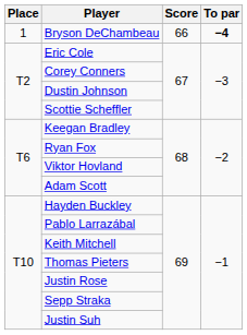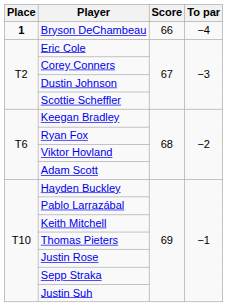 <table class="wikitable">
 <tr>
 <th>Place</th>
 <th>Player</th>
 <th>Score</th>
 <th>To par</th>
 </tr>
 <tr>
-<td align=center>1</td>
+<td align=center><strong>1</strong></td>
 <td> <a href='#'>Bryson DeChambeau</a></td>
 <td align=center>66</td>
-<td align=center><strong>−4</strong></td>
+<td align=center>−4</td>
 </tr>
 <tr>
 <td rowspan=4 align=center>T2</td>
 <td> <a href='#'>Eric Cole</a></td>
 <td rowspan=4 align=center>67</td>
 <td rowspan=4 align=center>−3</td>
 </tr>
 <tr>
 <td> <a href='#'>Corey Conners</a></td>
 </tr>
 <tr>
 <td> <a href='#'>Dustin Johnson</a></td>
 </tr>
 <tr>
 <td> <a href='#'>Scottie Scheffler</a></td>
 </tr>
 <tr>
 <td rowspan=4 align=center>T6</td>
 <td> <a href='#'>Keegan Bradley</a></td>
 <td rowspan=4 align=center>68</td>
 <td rowspan=4 align=center>−2</td>
 </tr>
 <tr>
 <td> <a href='#'>Ryan Fox</a></td>
 </tr>
 <tr>
 <td> <a href='#'>Viktor Hovland</a></td>
 </tr>
 <tr>
 <td> <a href='#'>Adam Scott</a></td>
 </tr>
 <tr>
 <td rowspan=7 align=center>T10</td>
 <td> <a href='#'>Hayden Buckley</a></td>
 <td rowspan=7 align=center>69</td>
 <td rowspan=7 align=center>−1</td>
 </tr>
 <tr>
 <td> <a href='#'>Pablo Larrazábal</a></td>
 </tr>
 <tr>
 <td> <a href='#'>Keith Mitchell</a></td>
 </tr>
 <tr>
 <td> <a href='#'>Thomas Pieters</a></td>
 </tr>
 <tr>
 <td> <a href='#'>Justin Rose</a></td>
 </tr>
 <tr>
 <td> <a href='#'>Sepp Straka</a></td>
 </tr>
 <tr>
 <td> <a href='#'>Justin Suh</a></td>
 </tr>
 </table>
